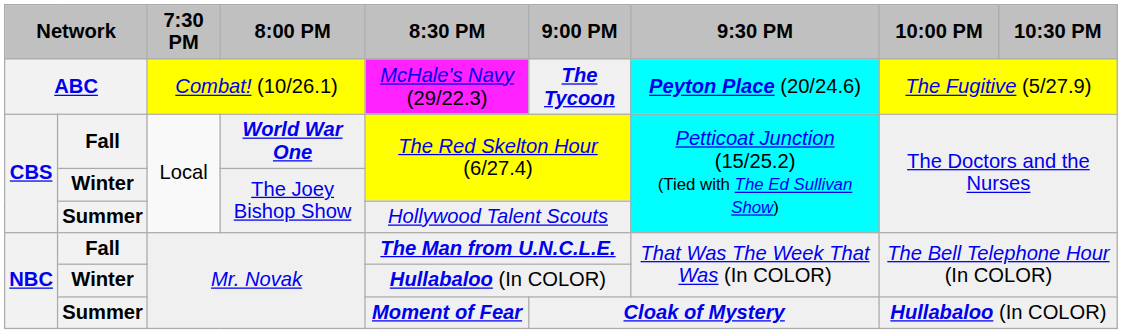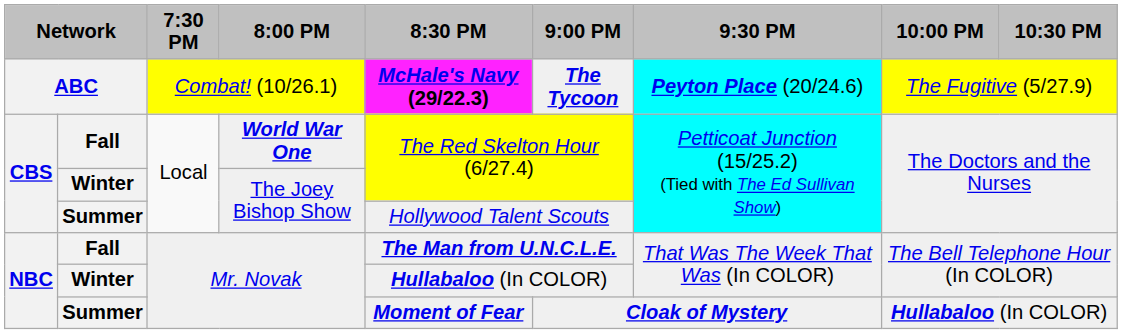 <table class="wikitable" style="width:100%;margin-right:0;text-align:center">
 <tr>
 <th colspan="2" style="background-color:#C0C0C0;text-align:center">Network</th>
 <th style="background-color:#C0C0C0;text-align:center">7:30 PM</th>
 <th style="background-color:#C0C0C0;text-align:center">8:00 PM</th>
 <th style="background-color:#C0C0C0;text-align:center">8:30 PM</th>
 <th style="background-color:#C0C0C0;text-align:center">9:00 PM</th>
 <th style="background-color:#C0C0C0;text-align:center">9:30 PM</th>
 <th style="background-color:#C0C0C0;text-align:center">10:00 PM</th>
 <th style="background-color:#C0C0C0;text-align:center">10:30 PM</th>
 </tr>
 <tr>
 <th bgcolor="#C0C0C0" colspan="2"><a href='#'>ABC</a></th>
 <td bgcolor="#FFFF00" colspan="2"><em><a href='#'>Combat!</a></em> (10/26.1)</td>
-<td bgcolor="#FF22FF"><em><a href='#'>McHale's Navy</a></em> (29/22.3)</td>
+<td bgcolor="#FF22FF"><strong><em><a href='#'>McHale's Navy</a></em> (29/22.3)</strong></td>
 <td bgcolor="#F0F0F0"><strong><em><a href='#'><em>The Tycoon</em></a></em></strong></td>
 <td bgcolor="#00FFFF"><strong><em><a href='#'>Peyton Place</a></em></strong> (20/24.6)</td>
 <td bgcolor="#FFFF00" colspan="2"><em><a href='#'>The Fugitive</a></em> (5/27.9)</td>
 </tr>
 <tr>
 <th rowspan="3" bgcolor="#C0C0C0"><a href='#'>CBS</a></th>
 <th>Fall</th>
 <td rowspan="3">Local</td>
 <td bgcolor="#F0F0F0"><strong><em><a href='#'>World War One</a></em></strong></td>
 <td colspan="2" rowspan="2" bgcolor="#FFFF00"><em><a href='#'>The Red Skelton Hour</a></em> (6/27.4)</td>
 <td rowspan="3" bgcolor="#00FFFF"><em><a href='#'>Petticoat Junction</a></em> (15/25.2)<br><small>(Tied with <em><a href='#'>The Ed Sullivan Show</a></em>)</small></td>
 <td colspan="2" rowspan="3" bgcolor="#F0F0F0"><em><a href='#'></em>The Doctors and the Nurses<em></a></em></td>
 </tr>
 <tr>
 <th>Winter</th>
 <td rowspan="2" bgcolor="#F0F0F0"><em><a href='#'></em>The Joey Bishop Show<em></a></em></td>
 </tr>
 <tr>
 <th>Summer</th>
 <td colspan="2" bgcolor="#F0F0F0"><em><a href='#'>Hollywood Talent Scouts</a></em></td>
 </tr>
 <tr>
 <th bgcolor="#C0C0C0" rowspan="3"><a href='#'>NBC</a></th>
 <th>Fall</th>
 <td bgcolor="#F0F0F0" colspan="2" rowspan="3"><em><a href='#'>Mr. Novak</a></em></td>
 <td bgcolor="#F0F0F0" colspan="2"><strong><em><a href='#'>The Man from U.N.C.L.E.</a></em></strong></td>
 <td bgcolor="#F0F0F0" rowspan="2"><em><a href='#'>That Was The Week That Was</a></em> (In <span>C</span><span>O</span><span>L</span><span>O</span><span>R</span>)</td>
 <td bgcolor="#F0F0F0" colspan="2" rowspan="2"><em><a href='#'>The Bell Telephone Hour</a></em> (In <span>C</span><span>O</span><span>L</span><span>O</span><span>R</span>)</td>
 </tr>
 <tr>
 <th>Winter</th>
 <td bgcolor="#F0F0F0" colspan="2"><strong><em><a href='#'>Hullabaloo</a></em></strong> (In <span>C</span><span>O</span><span>L</span><span>O</span><span>R</span>)</td>
 </tr>
 <tr>
 <th>Summer</th>
 <td bgcolor="#F0F0F0"><strong><em><a href='#'>Moment of Fear</a></em></strong></td>
 <td bgcolor="#F0F0F0" colspan="2"><strong><em><a href='#'>Cloak of Mystery</a></em></strong></td>
 <td bgcolor="#F0F0F0" colspan="2"><strong><em><a href='#'>Hullabaloo</a></em></strong> (In <span>C</span><span>O</span><span>L</span><span>O</span><span>R</span>)</td>
 </tr>
 </table>
